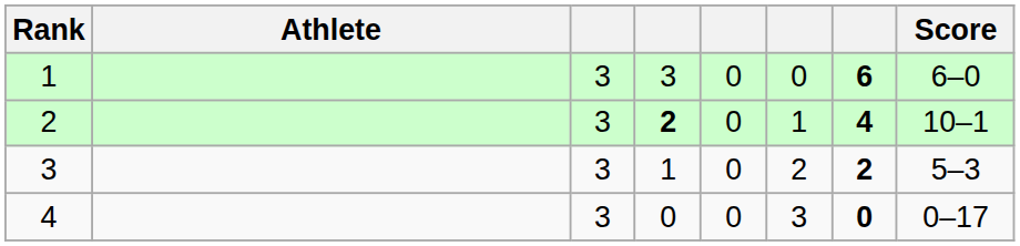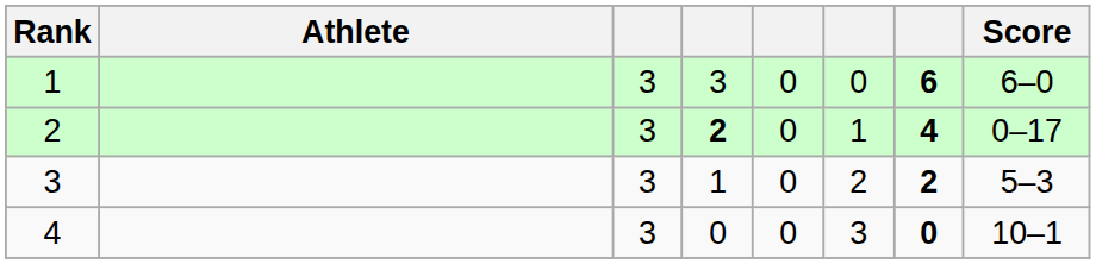 <table class="wikitable" style="text-align: center; font-size:90% ">
 <tr>
 <th width=25>Rank</th>
 <th width=225>Athlete</th>
 <th width=25></th>
 <th width=25></th>
 <th width=25></th>
 <th width=25></th>
 <th width=25></th>
 <th width=50>Score</th>
 </tr>
 <tr bgcolor="ccffcc">
 <td>1</td>
 <td align=left></td>
 <td>3</td>
 <td>3</td>
 <td>0</td>
 <td>0</td>
 <td><strong>6</strong></td>
 <td>6–0</td>
 </tr>
 <tr bgcolor="ccffcc">
 <td>2</td>
 <td align=left></td>
 <td>3</td>
 <td><strong>2</strong></td>
 <td>0</td>
 <td>1</td>
 <td><strong>4</strong></td>
-<td>10–1</td>
+<td>0–17</td>
 </tr>
 <tr>
 <td>3</td>
 <td align=left></td>
 <td>3</td>
 <td>1</td>
 <td>0</td>
 <td>2</td>
 <td><strong>2</strong></td>
 <td>5–3</td>
 </tr>
 <tr>
 <td>4</td>
 <td align=left></td>
 <td>3</td>
 <td>0</td>
 <td>0</td>
 <td>3</td>
 <td><strong>0</strong></td>
-<td>0–17</td>
+<td>10–1</td>
 </tr>
 </table>
